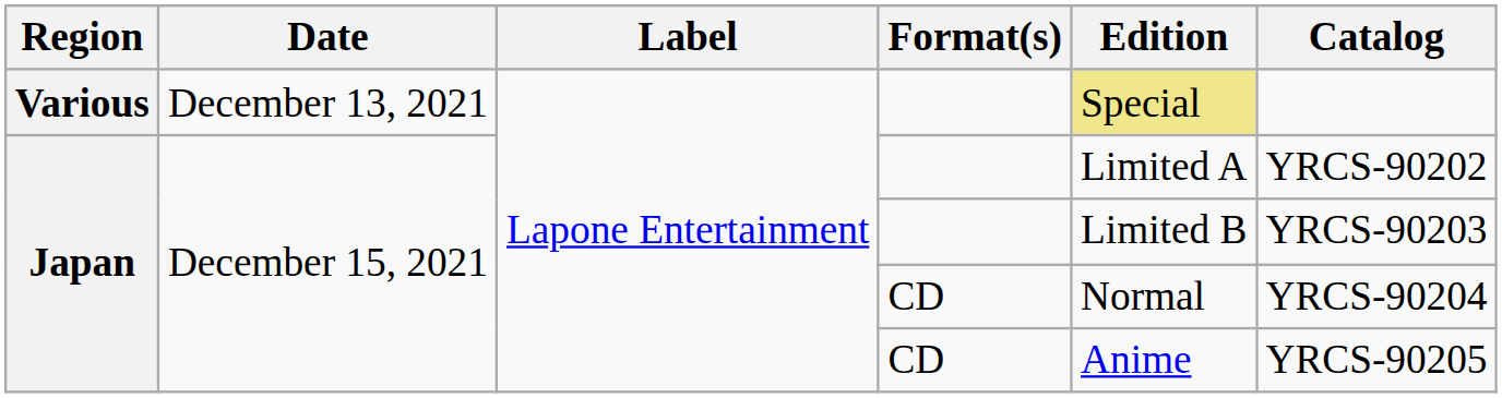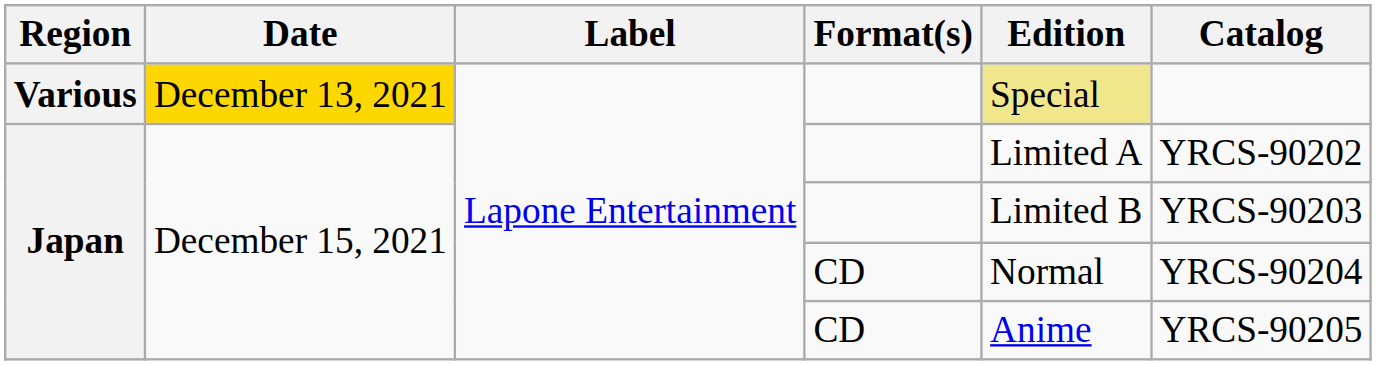 <table class="wikitable plainrowheaders">
 <tr>
 <th>Region</th>
 <th>Date</th>
 <th>Label</th>
 <th>Format(s)</th>
 <th>Edition</th>
 <th>Catalog</th>
 </tr>
 <tr>
 <th scope="row">Various</th>
-<td>December 13, 2021</td>
+<td style="background: gold;">December 13, 2021</td>
 <td rowspan="5"><a href='#'>Lapone Entertainment</a></td>
 <td></td>
 <td style="background: khaki;">Special</td>
 <td></td>
 </tr>
 <tr>
 <th rowspan="4" scope="row">Japan</th>
 <td rowspan="4">December 15, 2021</td>
 <td></td>
 <td>Limited A</td>
 <td>YRCS-90202</td>
 </tr>
 <tr>
 <td></td>
 <td>Limited B</td>
 <td>YRCS-90203</td>
 </tr>
 <tr>
 <td>CD</td>
 <td>Normal</td>
 <td>YRCS-90204</td>
 </tr>
 <tr>
 <td>CD</td>
 <td><a href='#'>Anime</a></td>
 <td>YRCS-90205</td>
 </tr>
 </table>
